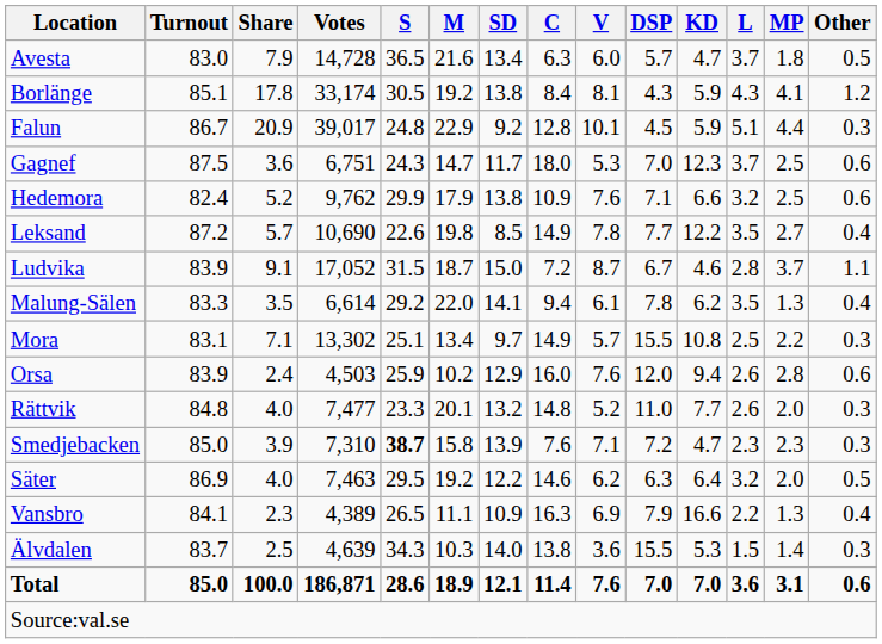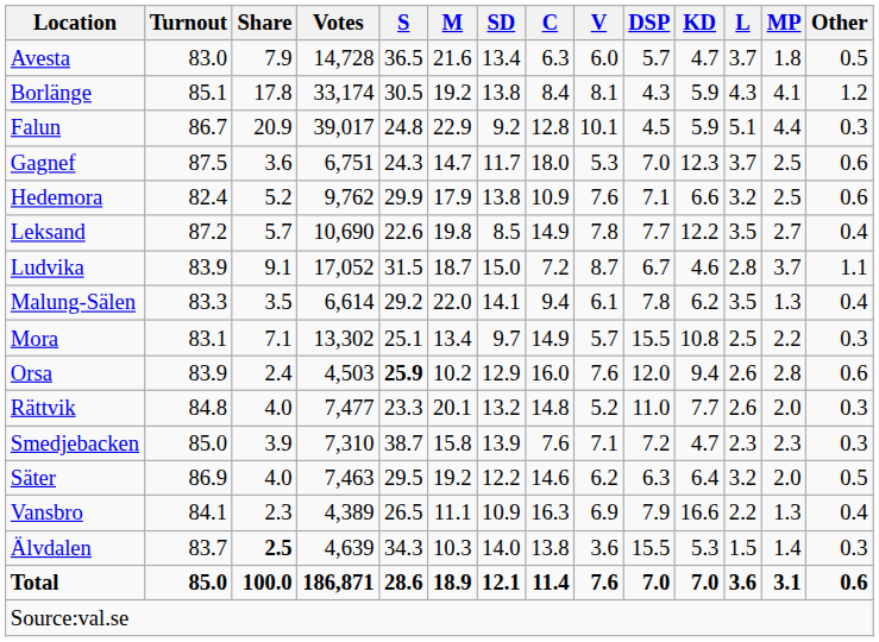 <table class="wikitable sortable" style=text-align:right>
 <tr>
 <th>Location</th>
 <th>Turnout</th>
 <th>Share</th>
 <th>Votes</th>
 <th><a href='#'>S</a></th>
 <th><a href='#'>M</a></th>
 <th><a href='#'>SD</a></th>
 <th><a href='#'>C</a></th>
 <th><a href='#'>V</a></th>
 <th><a href='#'>DSP</a></th>
 <th><a href='#'>KD</a></th>
 <th><a href='#'>L</a></th>
 <th><a href='#'>MP</a></th>
 <th>Other</th>
 </tr>
 <tr>
 <td align=left><a href='#'>Avesta</a></td>
 <td>83.0</td>
 <td>7.9</td>
 <td>14,728</td>
 <td>36.5</td>
 <td>21.6</td>
 <td>13.4</td>
 <td>6.3</td>
 <td>6.0</td>
 <td>5.7</td>
 <td>4.7</td>
 <td>3.7</td>
 <td>1.8</td>
 <td>0.5</td>
 </tr>
 <tr>
 <td align=left><a href='#'>Borlänge</a></td>
 <td>85.1</td>
 <td>17.8</td>
 <td>33,174</td>
 <td>30.5</td>
 <td>19.2</td>
 <td>13.8</td>
 <td>8.4</td>
 <td>8.1</td>
 <td>4.3</td>
 <td>5.9</td>
 <td>4.3</td>
 <td>4.1</td>
 <td>1.2</td>
 </tr>
 <tr>
 <td align=left><a href='#'>Falun</a></td>
 <td>86.7</td>
 <td>20.9</td>
 <td>39,017</td>
 <td>24.8</td>
 <td>22.9</td>
 <td>9.2</td>
 <td>12.8</td>
 <td>10.1</td>
 <td>4.5</td>
 <td>5.9</td>
 <td>5.1</td>
 <td>4.4</td>
 <td>0.3</td>
 </tr>
 <tr>
 <td align=left><a href='#'>Gagnef</a></td>
 <td>87.5</td>
 <td>3.6</td>
 <td>6,751</td>
 <td>24.3</td>
 <td>14.7</td>
 <td>11.7</td>
 <td>18.0</td>
 <td>5.3</td>
 <td>7.0</td>
 <td>12.3</td>
 <td>3.7</td>
 <td>2.5</td>
 <td>0.6</td>
 </tr>
 <tr>
 <td align=left><a href='#'>Hedemora</a></td>
 <td>82.4</td>
 <td>5.2</td>
 <td>9,762</td>
 <td>29.9</td>
 <td>17.9</td>
 <td>13.8</td>
 <td>10.9</td>
 <td>7.6</td>
 <td>7.1</td>
 <td>6.6</td>
 <td>3.2</td>
 <td>2.5</td>
 <td>0.6</td>
 </tr>
 <tr>
 <td align=left><a href='#'>Leksand</a></td>
 <td>87.2</td>
 <td>5.7</td>
 <td>10,690</td>
 <td>22.6</td>
 <td>19.8</td>
 <td>8.5</td>
 <td>14.9</td>
 <td>7.8</td>
 <td>7.7</td>
 <td>12.2</td>
 <td>3.5</td>
 <td>2.7</td>
 <td>0.4</td>
 </tr>
 <tr>
 <td align=left><a href='#'>Ludvika</a></td>
 <td>83.9</td>
 <td>9.1</td>
 <td>17,052</td>
 <td>31.5</td>
 <td>18.7</td>
 <td>15.0</td>
 <td>7.2</td>
 <td>8.7</td>
 <td>6.7</td>
 <td>4.6</td>
 <td>2.8</td>
 <td>3.7</td>
 <td>1.1</td>
 </tr>
 <tr>
 <td align=left><a href='#'>Malung-Sälen</a></td>
 <td>83.3</td>
 <td>3.5</td>
 <td>6,614</td>
 <td>29.2</td>
 <td>22.0</td>
 <td>14.1</td>
 <td>9.4</td>
 <td>6.1</td>
 <td>7.8</td>
 <td>6.2</td>
 <td>3.5</td>
 <td>1.3</td>
 <td>0.4</td>
 </tr>
 <tr>
 <td align=left><a href='#'>Mora</a></td>
 <td>83.1</td>
 <td>7.1</td>
 <td>13,302</td>
 <td>25.1</td>
 <td>13.4</td>
 <td>9.7</td>
 <td>14.9</td>
 <td>5.7</td>
 <td>15.5</td>
 <td>10.8</td>
 <td>2.5</td>
 <td>2.2</td>
 <td>0.3</td>
 </tr>
 <tr>
 <td align=left><a href='#'>Orsa</a></td>
 <td>83.9</td>
 <td>2.4</td>
 <td>4,503</td>
-<td>25.9</td>
+<td><strong>25.9</strong></td>
 <td>10.2</td>
 <td>12.9</td>
 <td>16.0</td>
 <td>7.6</td>
 <td>12.0</td>
 <td>9.4</td>
 <td>2.6</td>
 <td>2.8</td>
 <td>0.6</td>
 </tr>
 <tr>
 <td align=left><a href='#'>Rättvik</a></td>
 <td>84.8</td>
 <td>4.0</td>
 <td>7,477</td>
 <td>23.3</td>
 <td>20.1</td>
 <td>13.2</td>
 <td>14.8</td>
 <td>5.2</td>
 <td>11.0</td>
 <td>7.7</td>
 <td>2.6</td>
 <td>2.0</td>
 <td>0.3</td>
 </tr>
 <tr>
 <td align=left><a href='#'>Smedjebacken</a></td>
 <td>85.0</td>
 <td>3.9</td>
 <td>7,310</td>
-<td><strong>38.7</strong></td>
+<td>38.7</td>
 <td>15.8</td>
 <td>13.9</td>
 <td>7.6</td>
 <td>7.1</td>
 <td>7.2</td>
 <td>4.7</td>
 <td>2.3</td>
 <td>2.3</td>
 <td>0.3</td>
 </tr>
 <tr>
 <td align=left><a href='#'>Säter</a></td>
 <td>86.9</td>
 <td>4.0</td>
 <td>7,463</td>
 <td>29.5</td>
 <td>19.2</td>
 <td>12.2</td>
 <td>14.6</td>
 <td>6.2</td>
 <td>6.3</td>
 <td>6.4</td>
 <td>3.2</td>
 <td>2.0</td>
 <td>0.5</td>
 </tr>
 <tr>
 <td align=left><a href='#'>Vansbro</a></td>
 <td>84.1</td>
 <td>2.3</td>
 <td>4,389</td>
 <td>26.5</td>
 <td>11.1</td>
 <td>10.9</td>
 <td>16.3</td>
 <td>6.9</td>
 <td>7.9</td>
 <td>16.6</td>
 <td>2.2</td>
 <td>1.3</td>
 <td>0.4</td>
 </tr>
 <tr>
 <td align=left><a href='#'>Älvdalen</a></td>
 <td>83.7</td>
-<td>2.5</td>
+<td><strong>2.5</strong></td>
 <td>4,639</td>
 <td>34.3</td>
 <td>10.3</td>
 <td>14.0</td>
 <td>13.8</td>
 <td>3.6</td>
 <td>15.5</td>
 <td>5.3</td>
 <td>1.5</td>
 <td>1.4</td>
 <td>0.3</td>
 </tr>
 <tr>
 <td align=left><strong>Total</strong></td>
 <td><strong>85.0</strong></td>
 <td><strong>100.0</strong></td>
 <td><strong>186,871</strong></td>
 <td><strong>28.6</strong></td>
 <td><strong>18.9</strong></td>
 <td><strong>12.1</strong></td>
 <td><strong>11.4</strong></td>
 <td><strong>7.6</strong></td>
 <td><strong>7.0</strong></td>
 <td><strong>7.0</strong></td>
 <td><strong>3.6</strong></td>
 <td><strong>3.1</strong></td>
 <td><strong>0.6</strong></td>
 </tr>
 <tr>
 <td align=left colspan=14>Source:val.se</td>
 </tr>
 </table>
